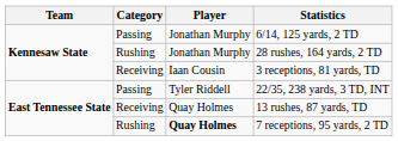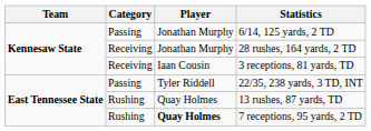 <table class="wikitable" style="float: right;">
 <tr>
 <th>Team</th>
 <th>Category</th>
 <th>Player</th>
 <th>Statistics</th>
 </tr>
 <tr>
 <td rowspan=3><strong>Kennesaw State</strong></td>
 <td>Passing</td>
 <td>Jonathan Murphy</td>
 <td>6/14, 125 yards, 2 TD</td>
 </tr>
 <tr>
-<td>Rushing</td>
+<td>Receiving</td>
 <td>Jonathan Murphy</td>
 <td>28 rushes, 164 yards, 2 TD</td>
 </tr>
 <tr>
 <td>Receiving</td>
 <td>Iaan Cousin</td>
 <td>3 receptions, 81 yards, TD</td>
 </tr>
 <tr>
 <td rowspan=3><strong>East Tennessee State</strong></td>
 <td>Passing</td>
 <td>Tyler Riddell</td>
 <td>22/35, 238 yards, 3 TD, INT</td>
 </tr>
 <tr>
-<td>Receiving</td>
+<td>Rushing</td>
 <td>Quay Holmes</td>
 <td>13 rushes, 87 yards, TD</td>
 </tr>
 <tr>
 <td>Rushing</td>
 <td><strong>Quay Holmes</strong></td>
 <td>7 receptions, 95 yards, 2 TD</td>
 </tr>
 </table>
